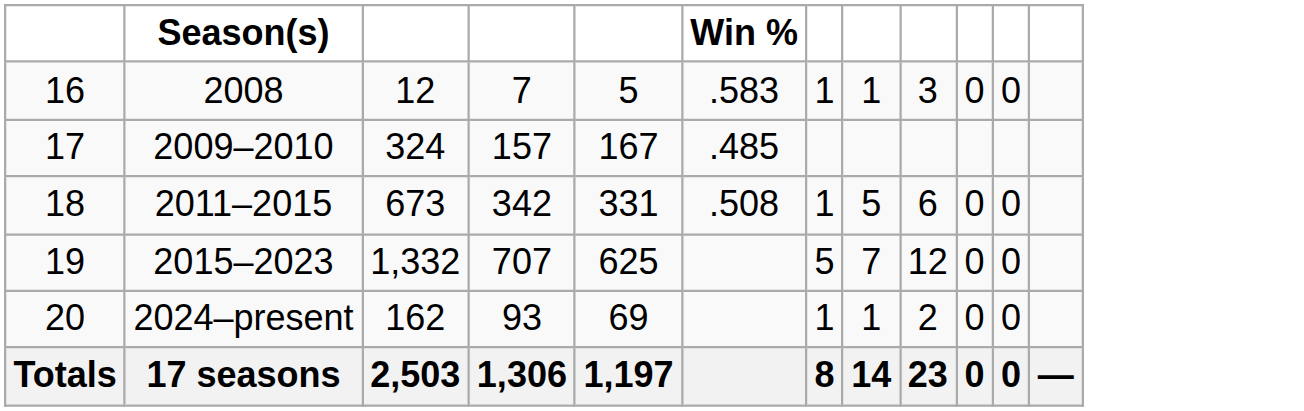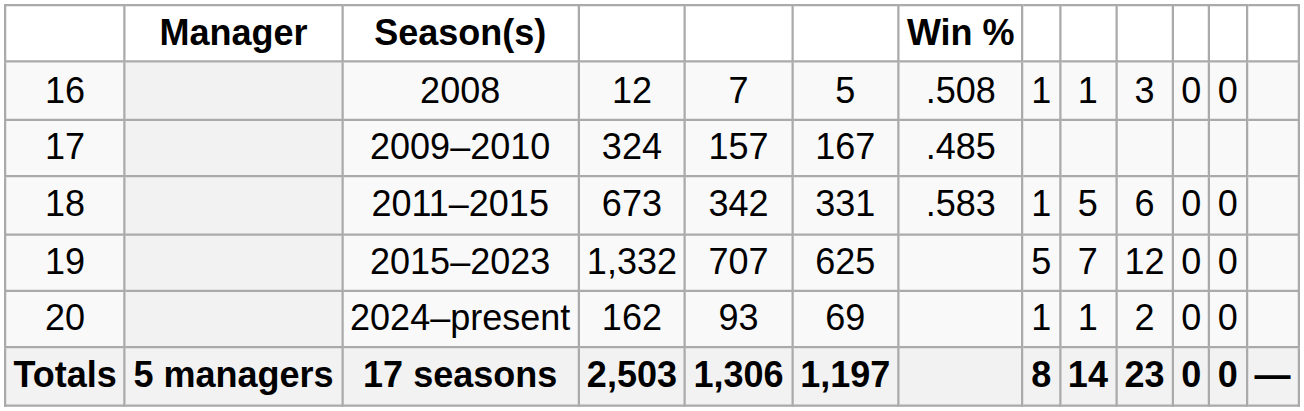 <table class="wikitable sortable plainrowheaders" style="text-align:center;">
 <tr>
 <th scope="col" style="background-color:#ffffff; border-top:#"></th>
+<th scope="col" style="background-color:#ffffff; border-top:#">Manager</th>
 <th scope="col" style="background-color:#ffffff; border-top:#">Season(s)</th>
 <th scope="col" style="background-color:#ffffff; border-top:#"></th>
 <th scope="col" style="background-color:#ffffff; border-top:#"></th>
 <th scope="col" style="background-color:#ffffff; border-top:#"></th>
 <th scope="col" style="background-color:#ffffff; border-top:#">Win %</th>
 <th scope="col" style="background-color:#ffffff; border-top:#"></th>
 <th scope="col" style="background-color:#ffffff; border-top:#"></th>
 <th scope="col" style="background-color:#ffffff; border-top:#"></th>
 <th scope="col" style="background-color:#ffffff; border-top:#"></th>
 <th scope="col" style="background-color:#ffffff; border-top:#"></th>
 <th scope="col" style="background-color:#ffffff; border-top:#"></th>
 </tr>
 <tr>
 <td>16</td>
+<th scope="row" style="text-align:center"></th>
 <td>2008</td>
 <td>12</td>
 <td>7</td>
 <td>5</td>
-<td>.583</td>
+<td>.508</td>
 <td>1</td>
 <td>1</td>
 <td>3</td>
 <td>0</td>
 <td>0</td>
 <td></td>
 </tr>
 <tr>
 <td>17</td>
+<th scope="row" style="text-align:center"></th>
 <td>2009–2010</td>
 <td>324</td>
 <td>157</td>
 <td>167</td>
 <td>.485</td>
 <td></td>
 <td></td>
 <td></td>
 <td></td>
 <td></td>
 <td></td>
 </tr>
 <tr>
 <td>18</td>
+<th scope="row" style="text-align:center"></th>
 <td>2011–2015</td>
 <td>673</td>
 <td>342</td>
 <td>331</td>
-<td>.508</td>
+<td>.583</td>
 <td>1</td>
 <td>5</td>
 <td>6</td>
 <td>0</td>
 <td>0</td>
 <td></td>
 </tr>
 <tr>
 <td>19</td>
+<th scope="row" style="text-align:center"></th>
 <td>2015–2023</td>
 <td>1,332</td>
 <td>707</td>
 <td>625</td>
 <td></td>
 <td>5</td>
 <td>7</td>
 <td>12</td>
 <td>0</td>
 <td>0</td>
 <td></td>
 </tr>
 <tr>
 <td>20</td>
+<th scope="row" style="text-align:center"></th>
 <td>2024–present</td>
 <td>162</td>
 <td>93</td>
 <td>69</td>
 <td></td>
 <td>1</td>
 <td>1</td>
 <td>2</td>
 <td>0</td>
 <td>0</td>
 <td></td>
 </tr>
 <tr class="sortbottom">
 <th scope="row" style="text-align:center"><strong>Totals</strong></th>
+<th>5 managers</th>
 <th>17 seasons</th>
 <th>2,503</th>
 <th>1,306</th>
 <th>1,197</th>
 <th></th>
 <th>8</th>
 <th>14</th>
 <th>23</th>
 <th>0</th>
 <th>0</th>
 <th>—</th>
 </tr>
 </table>
